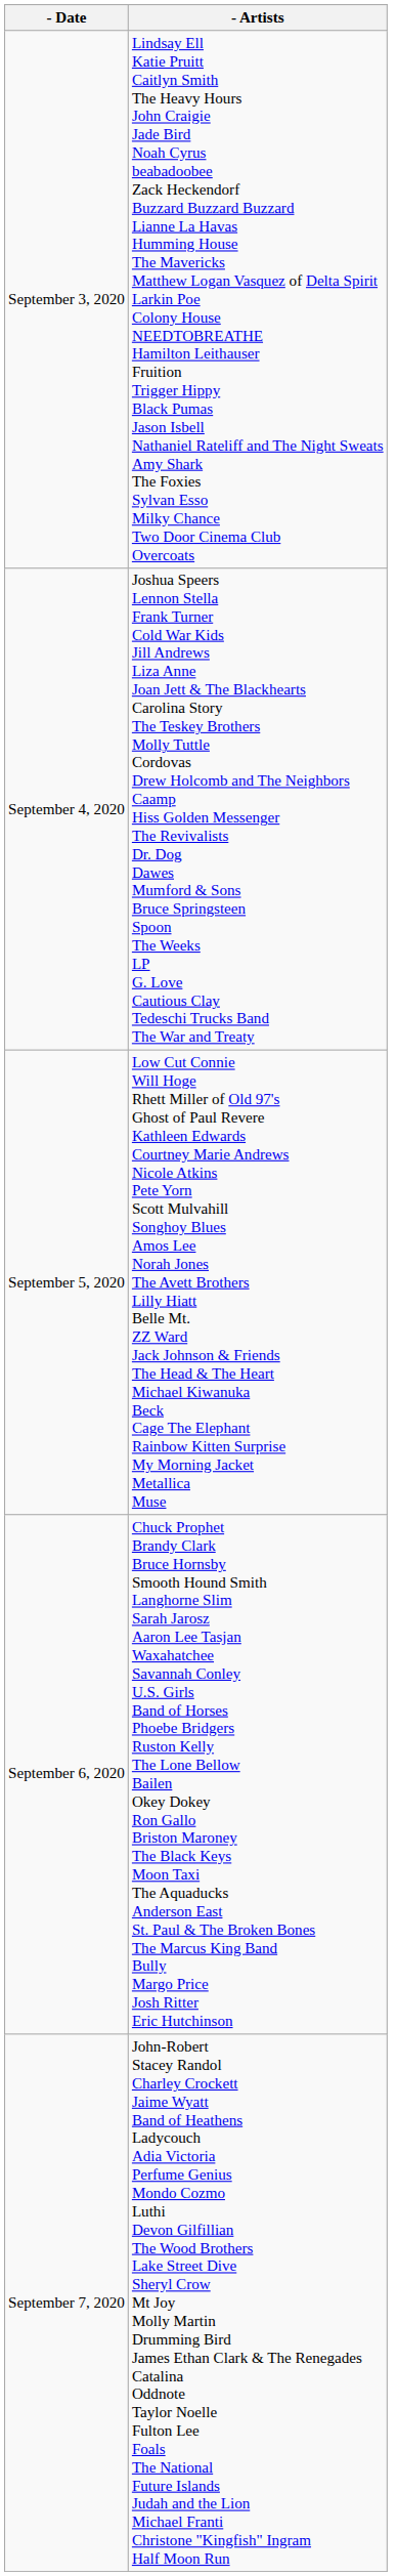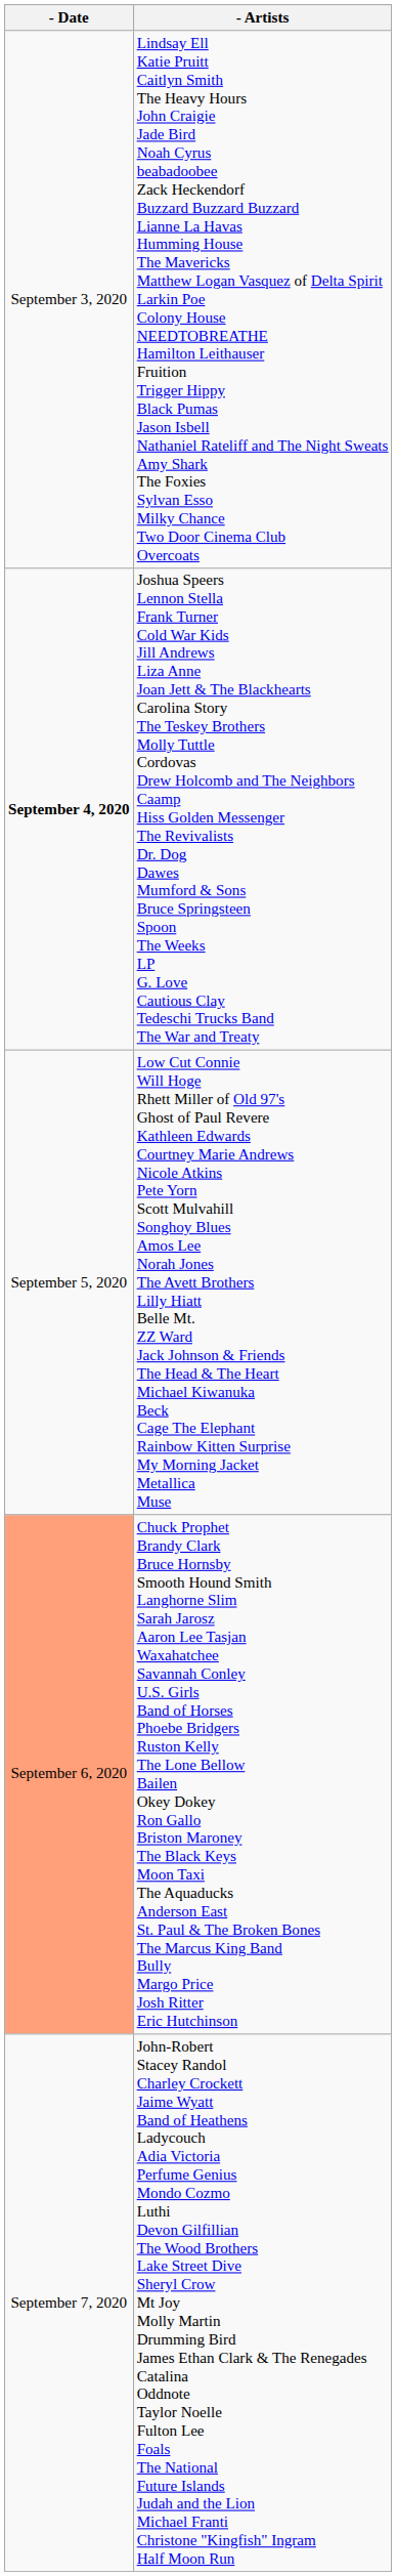 <table class="wikitable" style="font-size: 90%">
 <tr>
 <th>- Date</th>
 <th>- Artists</th>
 </tr>
 <tr>
 <td align="center">September 3, 2020 <br></td>
 <td><a href='#'>Lindsay Ell</a><br><a href='#'>Katie Pruitt</a><br><a href='#'>Caitlyn Smith</a><br>The Heavy Hours<br><a href='#'>John Craigie</a><br><a href='#'>Jade Bird</a><br><a href='#'>Noah Cyrus</a><br><a href='#'>beabadoobee</a><br>Zack Heckendorf<br><a href='#'>Buzzard Buzzard Buzzard</a><br><a href='#'>Lianne La Havas</a><br><a href='#'>Humming House</a><br><a href='#'>The Mavericks</a><br><a href='#'>Matthew Logan Vasquez</a> of <a href='#'>Delta Spirit</a><br><a href='#'>Larkin Poe</a><br><a href='#'>Colony House</a><br><a href='#'>NEEDTOBREATHE</a><br><a href='#'>Hamilton Leithauser</a><br>Fruition<br><a href='#'>Trigger Hippy</a><br><a href='#'>Black Pumas</a><br><a href='#'>Jason Isbell</a><br><a href='#'> Nathaniel Rateliff and The Night Sweats</a><br><a href='#'>Amy Shark</a><br>The Foxies<br><a href='#'>Sylvan Esso</a><br><a href='#'>Milky Chance</a><br><a href='#'>Two Door Cinema Club</a><br><a href='#'>Overcoats</a></td>
 </tr>
 <tr>
-<td align="center">September 4, 2020 <br></td>
+<td align="center"><strong>September 4, 2020 <br></strong></td>
 <td>Joshua Speers<br><a href='#'>Lennon Stella</a><br><a href='#'>Frank Turner</a><br><a href='#'>Cold War Kids</a><br><a href='#'>Jill Andrews</a><br><a href='#'>Liza Anne</a><br><a href='#'>Joan Jett & The Blackhearts</a><br>Carolina Story<br><a href='#'>The Teskey Brothers</a><br><a href='#'>Molly Tuttle</a><br>Cordovas<br><a href='#'>Drew Holcomb and The Neighbors</a><br><a href='#'>Caamp</a><br><a href='#'>Hiss Golden Messenger</a><br><a href='#'>The Revivalists</a><br><a href='#'>Dr. Dog</a><br><a href='#'>Dawes</a><br><a href='#'>Mumford & Sons</a><br><a href='#'>Bruce Springsteen</a><br><a href='#'>Spoon</a><br><a href='#'>The Weeks</a><br><a href='#'>LP</a><br><a href='#'>G. Love</a><br><a href='#'>Cautious Clay</a><br><a href='#'>Tedeschi Trucks Band</a><br><a href='#'>The War and Treaty</a></td>
 </tr>
 <tr>
 <td align="center">September 5, 2020 <br></td>
 <td><a href='#'>Low Cut Connie</a><br><a href='#'>Will Hoge</a><br>Rhett Miller of <a href='#'>Old 97's</a><br>Ghost of Paul Revere<br><a href='#'>Kathleen Edwards</a><br><a href='#'>Courtney Marie Andrews</a><br><a href='#'>Nicole Atkins</a><br><a href='#'>Pete Yorn</a><br>Scott Mulvahill<br><a href='#'>Songhoy Blues</a><br><a href='#'>Amos Lee</a><br><a href='#'>Norah Jones</a><br><a href='#'>The Avett Brothers</a><br><a href='#'>Lilly Hiatt</a><br>Belle Mt.<br><a href='#'>ZZ Ward</a><br><a href='#'>Jack Johnson & Friends</a><br><a href='#'>The Head & The Heart</a><br><a href='#'>Michael Kiwanuka</a><br><a href='#'>Beck</a><br><a href='#'>Cage The Elephant</a><br><a href='#'>Rainbow Kitten Surprise</a><br><a href='#'>My Morning Jacket</a><br><a href='#'>Metallica</a><br><a href='#'>Muse</a></td>
 </tr>
 <tr>
-<td align="center">September 6, 2020</td>
+<td align="center" style="background: lightsalmon;">September 6, 2020</td>
 <td><a href='#'>Chuck Prophet</a><br><a href='#'>Brandy Clark</a><br><a href='#'>Bruce Hornsby</a><br>Smooth Hound Smith<br><a href='#'>Langhorne Slim</a><br><a href='#'>Sarah Jarosz</a><br><a href='#'>Aaron Lee Tasjan</a><br><a href='#'>Waxahatchee</a><br><a href='#'>Savannah Conley</a><br><a href='#'>U.S. Girls</a><br><a href='#'>Band of Horses</a><br><a href='#'>Phoebe Bridgers</a><br><a href='#'>Ruston Kelly</a><br><a href='#'>The Lone Bellow</a><br><a href='#'>Bailen</a><br>Okey Dokey<br><a href='#'>Ron Gallo</a><br><a href='#'>Briston Maroney</a><br><a href='#'>The Black Keys</a><br><a href='#'>Moon Taxi</a><br>The Aquaducks<br><a href='#'>Anderson East</a><br><a href='#'>St. Paul & The Broken Bones</a><br><a href='#'>The Marcus King Band</a><br><a href='#'>Bully</a><br><a href='#'>Margo Price</a><br><a href='#'>Josh Ritter</a><br><a href='#'>Eric Hutchinson</a></td>
 </tr>
 <tr>
 <td align="center">September 7, 2020</td>
 <td>John-Robert<br>Stacey Randol<br><a href='#'>Charley Crockett</a><br><a href='#'>Jaime Wyatt</a><br><a href='#'>Band of Heathens</a><br>Ladycouch<br><a href='#'>Adia Victoria</a><br><a href='#'>Perfume Genius</a><br><a href='#'>Mondo Cozmo</a><br>Luthi<br><a href='#'>Devon Gilfillian</a><br><a href='#'>The Wood Brothers</a><br><a href='#'>Lake Street Dive</a><br><a href='#'>Sheryl Crow</a><br>Mt Joy<br>Molly Martin<br>Drumming Bird<br>James Ethan Clark & The Renegades<br>Catalina<br>Oddnote<br>Taylor Noelle<br>Fulton Lee<br><a href='#'>Foals</a><br><a href='#'>The National</a><br><a href='#'>Future Islands</a><br><a href='#'>Judah and the Lion</a><br><a href='#'>Michael Franti</a><br><a href='#'>Christone "Kingfish" Ingram</a><br><a href='#'>Half Moon Run</a></td>
 </tr>
 <tr>
 </tr>
 </table>
